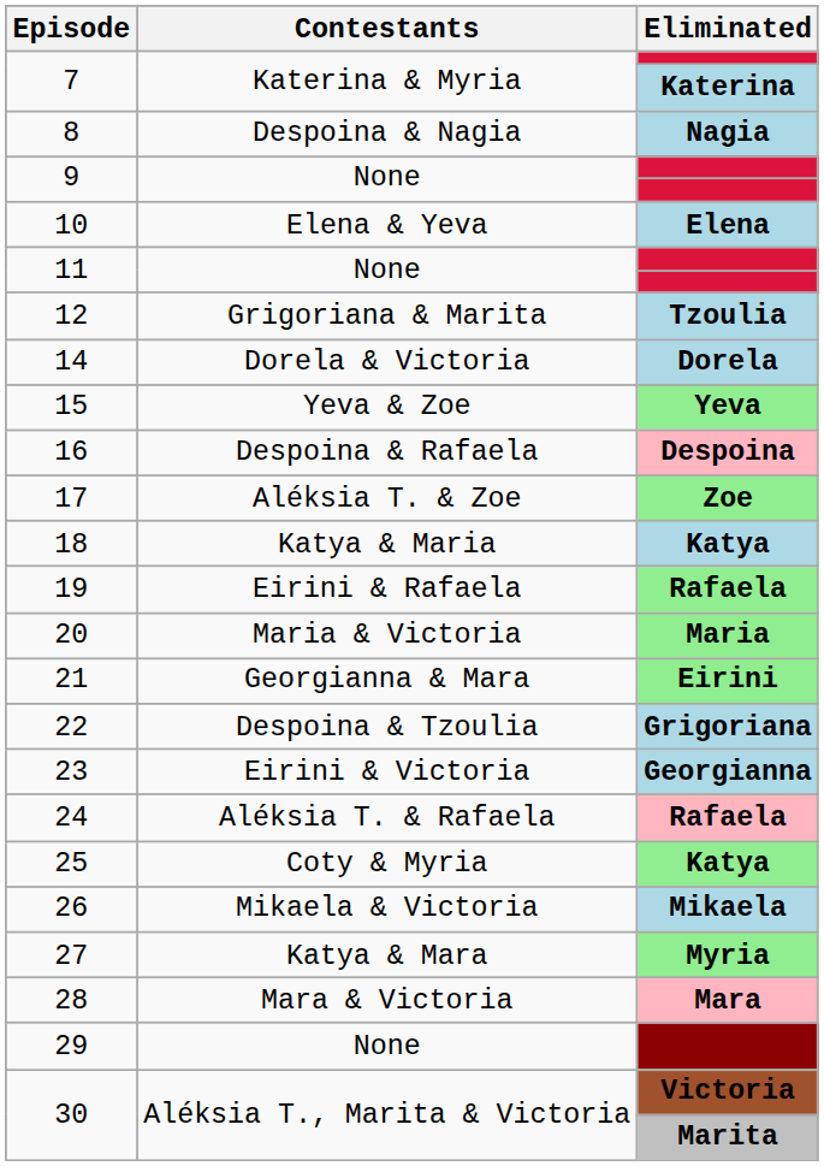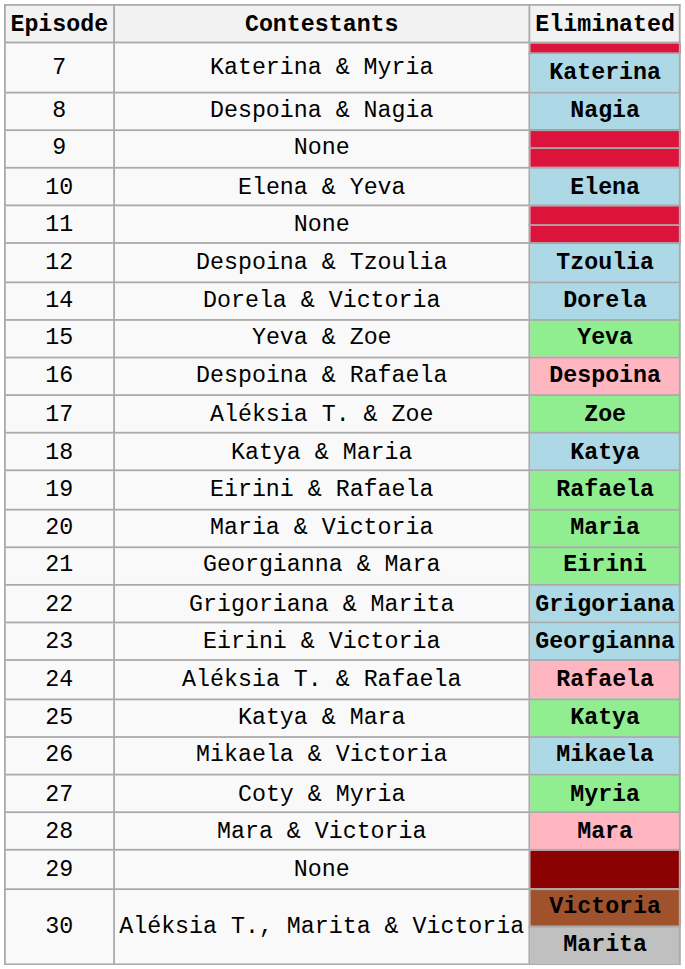 <table class="wikitable" border="2" style="text-align:center">
 <tr>
 <th>Episode</th>
 <th>Contestants</th>
 <th>Eliminated</th>
 </tr>
 <tr>
 <td rowspan=2>7</td>
 <td rowspan=2>Katerina & Myria</td>
 <td style="background:crimson"><strong></strong></td>
 </tr>
 <tr>
 <td style="background:lightblue"><strong>Katerina</strong></td>
 </tr>
 <tr>
 <td>8</td>
 <td>Despoina & Nagia</td>
 <td style="background:lightblue"><strong>Nagia</strong></td>
 </tr>
 <tr>
 <td rowspan=2>9</td>
 <td rowspan=2>None</td>
 <td style="background:crimson"><strong></strong></td>
 </tr>
 <tr>
 <td style="background:crimson"><strong></strong></td>
 </tr>
 <tr>
 <td>10</td>
 <td>Elena & Yeva</td>
 <td style="background:lightblue"><strong>Elena</strong></td>
 </tr>
 <tr>
 <td rowspan=2>11</td>
 <td rowspan=2>None</td>
 <td style="background:crimson"><strong></strong></td>
 </tr>
 <tr>
 <td style="background:crimson"><strong></strong></td>
 </tr>
 <tr>
 <td>12</td>
-<td>Grigoriana & Marita</td>
+<td>Despoina & Tzoulia</td>
 <td style="background:lightblue"><strong>Tzoulia</strong></td>
 </tr>
 <tr>
 <td>14</td>
 <td>Dorela & Victoria</td>
 <td style="background:lightblue"><strong>Dorela</strong></td>
 </tr>
 <tr>
 <td>15</td>
 <td>Yeva & Zoe</td>
 <td style="background:lightgreen"><strong>Yeva</strong></td>
 </tr>
 <tr>
 <td>16</td>
 <td>Despoina & Rafaela</td>
 <td style="background:lightpink"><strong>Despoina</strong></td>
 </tr>
 <tr>
 <td>17</td>
 <td>Aléksia T. & Zoe</td>
 <td style="background:lightgreen"><strong>Zoe</strong></td>
 </tr>
 <tr>
 <td>18</td>
 <td>Katya & Maria</td>
 <td style="background:lightblue"><strong>Katya</strong></td>
 </tr>
 <tr>
 <td>19</td>
 <td>Eirini & Rafaela</td>
 <td style="background: lightgreen"><strong>Rafaela</strong></td>
 </tr>
 <tr>
 <td>20</td>
 <td>Maria & Victoria</td>
 <td style="background:lightgreen"><strong>Maria</strong></td>
 </tr>
 <tr>
 <td>21</td>
 <td>Georgianna & Mara</td>
 <td style="background:lightgreen"><strong>Eirini</strong></td>
 </tr>
 <tr>
 <td>22</td>
-<td>Despoina & Tzoulia</td>
+<td>Grigoriana & Marita</td>
 <td style="background:lightblue"><strong>Grigoriana</strong></td>
 </tr>
 <tr>
 <td>23</td>
 <td>Eirini & Victoria</td>
 <td style="background:lightblue"><strong>Georgianna</strong></td>
 </tr>
 <tr>
 <td>24</td>
 <td>Aléksia T. & Rafaela</td>
 <td style="background:lightpink"><strong>Rafaela</strong></td>
 </tr>
 <tr>
 <td>25</td>
-<td>Coty & Myria</td>
+<td>Katya & Mara</td>
 <td style="background:lightgreen"><strong>Katya</strong></td>
 </tr>
 <tr>
 <td>26</td>
 <td>Mikaela & Victoria</td>
 <td style="background:lightblue"><strong>Mikaela</strong></td>
 </tr>
 <tr>
 <td>27</td>
-<td>Katya & Mara</td>
+<td>Coty & Myria</td>
 <td style="background:lightgreen"><strong>Myria</strong></td>
 </tr>
 <tr>
 <td>28</td>
 <td>Mara & Victoria</td>
 <td style="background: lightpink"><strong>Mara</strong></td>
 </tr>
 <tr>
 <td>29</td>
 <td>None</td>
 <td style="background:darkred"><strong></strong></td>
 </tr>
 <tr>
 <td rowspan=3>30</td>
 <td rowspan=3>Aléksia T., Marita & Victoria</td>
 </tr>
 <tr>
 <td style="background:sienna"><strong>Victoria</strong></td>
 </tr>
 <tr>
 <td style="background:silver"><strong>Marita</strong></td>
 </tr>
 </table>
